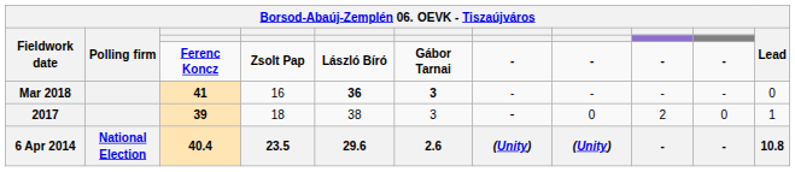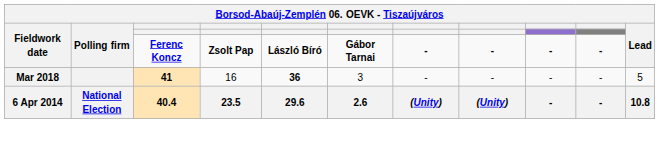 <table class="wikitable mw-collapsible mw-collapsed" style="text-align:center">
 <tr>
 <th colspan="11" style="width: 980pt;"><small><a href='#'>Borsod-Abaúj-Zemplén</a> 06.</small> <small>OEVK - <a href='#'>Tiszaújváros</a></small></th>
 </tr>
 <tr>
 <th rowspan="3" style="width: 80pt;"><small>Fieldwork</small> <small>date</small></th>
 <th rowspan="3" style="width: 80pt;"><strong><small>Polling</small> <small>firm</small></strong></th>
 <th style="width: 100pt;"><small></small></th>
 <th style="width: 100pt;"><small> </small></th>
 <th style="width: 100pt;"></th>
 <th style="width: 100pt;"></th>
 <th style="width: 100pt;"></th>
 <th style="width: 100pt;"></th>
 <th style="width: 100pt;"></th>
 <th style="width: 100pt;"></th>
 <th rowspan="3" style="width: 20pt;"><small>Lead</small></th>
 </tr>
 <tr>
 <th style="color:inherit;background:"></th>
 <th style="color:inherit;background:"></th>
 <th style="color:inherit;background:"></th>
 <th style="color:inherit;background:"></th>
 <th style="color:inherit;background:"></th>
 <th style="color:inherit;background:"></th>
 <th style="color:inherit;background:#8E6FCE;"></th>
 <th style="color:inherit;background:#808080;"></th>
 </tr>
 <tr>
 <td><small><strong><a href='#'>Ferenc Koncz</a></strong></small></td>
 <td><small><strong>Zsolt Pap</strong></small></td>
 <td><small><strong>László Bíró</strong></small></td>
 <td><small><strong>Gábor Tarnai</strong></small></td>
 <td><small><strong>-</strong></small></td>
 <td><small><strong>-</strong></small></td>
 <td><small><strong>-</strong></small></td>
 <td><small><strong>-</strong></small></td>
 </tr>
 <tr>
 <th><small>Mar 2018</small></th>
 <th><small></small></th>
 <td style="background:#FFE5B4"><small><strong>41</strong></small></td>
 <td><small>16</small></td>
 <td><strong><small>36</small></strong></td>
-<td><strong><small>3</small></strong></td>
+<td><small>3</small></td>
 <td><small>-</small></td>
 <td><small>-</small></td>
 <td><small>-</small></td>
 <td><small>-</small></td>
-<td style="background:"><small>0</small></td>
-</tr>
-<tr>
-<th><small>2017</small></th>
-<th><small></small></th>
-<td style="background:#FFE5B4"><small><strong>39</strong></small></td>
-<td><small>18</small></td>
-<td><small>38</small></td>
-<td><small>3</small></td>
-<td>-</td>
-<td><small>0</small></td>
-<td><small>2</small></td>
-<td><small>0</small></td>
-<td style="background:"><small>1</small></td>
+<td style="background:"><small>5</small></td>
 </tr>
 <tr>
 <th><small>6 Apr 2014</small></th>
 <th><a href='#'><small>National Election</small></a></th>
 <th style="background:#FFE5B4"><small><strong>40.4</strong></small></th>
 <th><small>23.5</small></th>
 <th><small>29.6</small></th>
 <th><small>2.6</small></th>
 <th><small><em>(<a href='#'>Unity</a>)</em></small></th>
 <th><small><em>(<a href='#'>Unity</a>)</em></small></th>
 <th><small>-</small></th>
 <th><small>-</small></th>
 <th style="background:"><small>10.8</small></th>
 </tr>
 </table>
